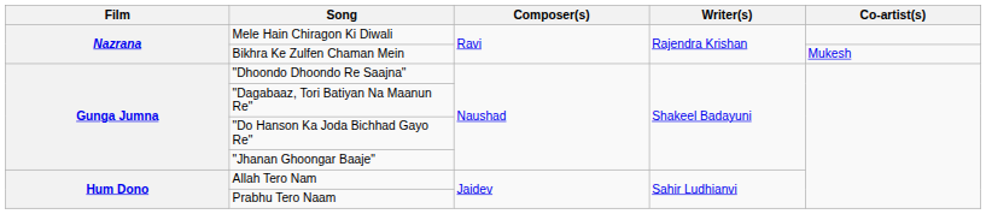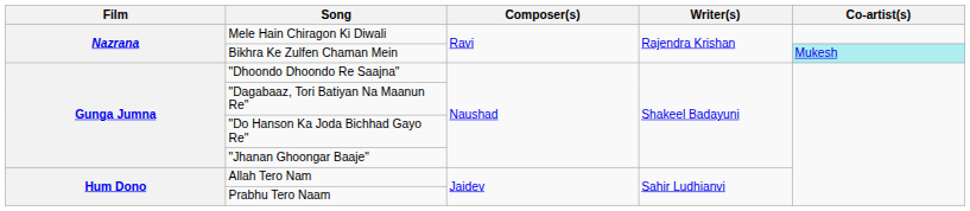 <table class="wikitable plainrowheaders" style="width:100%; textcolor:#000">
 <tr style="background:#b0e0e66;">
 <th scope="col" style="width:23%;"><strong>Film</strong></th>
 <th scope="col" style="width:23%;"><strong>Song</strong></th>
 <th scope="col" style="width:20%;"><strong>Composer(s)</strong></th>
 <th scope="col" style="width:16%;"><strong>Writer(s)</strong></th>
 <th scope="col" style="width:18%;"><strong>Co-artist(s)</strong></th>
 </tr>
 <tr>
 <th rowspan="2"><em><a href='#'>Nazrana</a></em></th>
 <td>Mele Hain Chiragon Ki Diwali</td>
 <td rowspan="2"><a href='#'>Ravi</a></td>
 <td rowspan="2"><a href='#'>Rajendra Krishan</a></td>
 <td></td>
 </tr>
 <tr>
 <td>Bikhra Ke Zulfen Chaman Mein</td>
-<td><a href='#'>Mukesh</a></td>
+<td style="background: paleturquoise;"><a href='#'>Mukesh</a></td>
 </tr>
 <tr>
 <th rowspan="4"><a href='#'>Gunga Jumna</a></th>
 <td>"Dhoondo Dhoondo Re Saajna"</td>
 <td rowspan="4"><a href='#'>Naushad</a></td>
 <td rowspan="4"><a href='#'>Shakeel Badayuni</a></td>
 <td rowspan=6></td>
 </tr>
 <tr>
 <td>"Dagabaaz, Tori Batiyan Na Maanun Re"</td>
 </tr>
 <tr>
 <td>"Do Hanson Ka Joda Bichhad Gayo Re"</td>
 </tr>
 <tr>
 <td>"Jhanan Ghoongar Baaje"</td>
 </tr>
 <tr>
 <th rowspan="2"><a href='#'>Hum Dono</a></th>
 <td>Allah Tero Nam</td>
 <td rowspan="2"><a href='#'>Jaidev</a></td>
 <td rowspan="2"><a href='#'>Sahir Ludhianvi</a></td>
 </tr>
 <tr>
 <td>Prabhu Tero Naam</td>
 </tr>
 </table>
